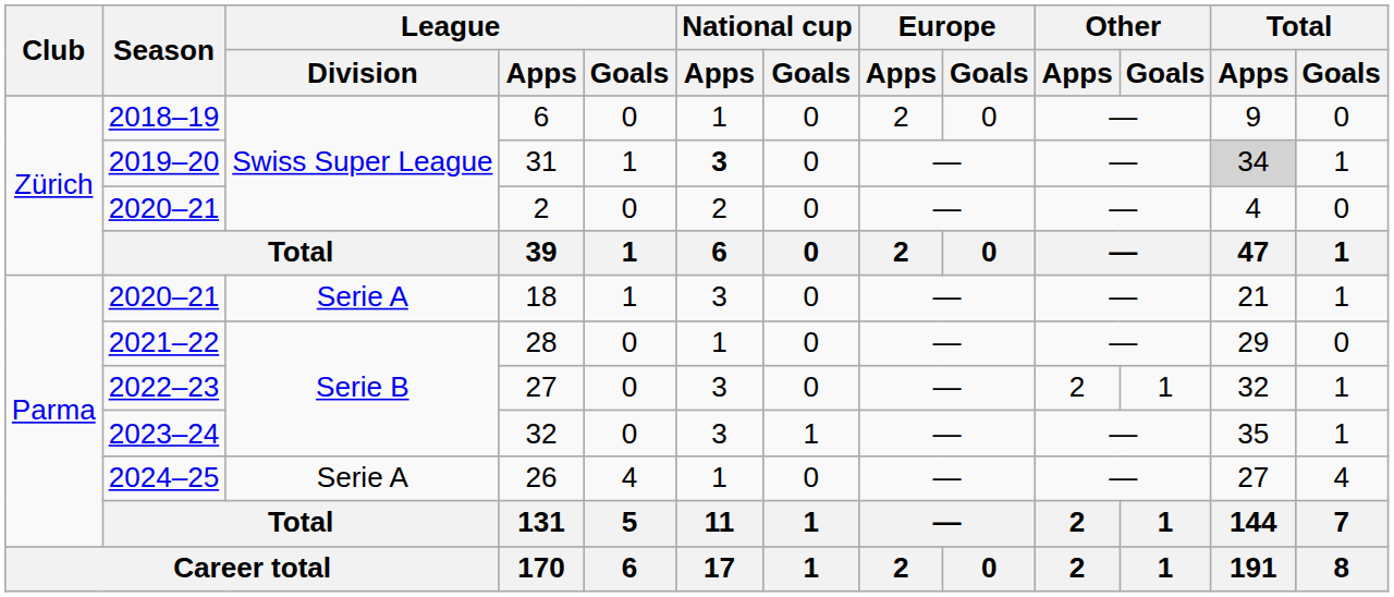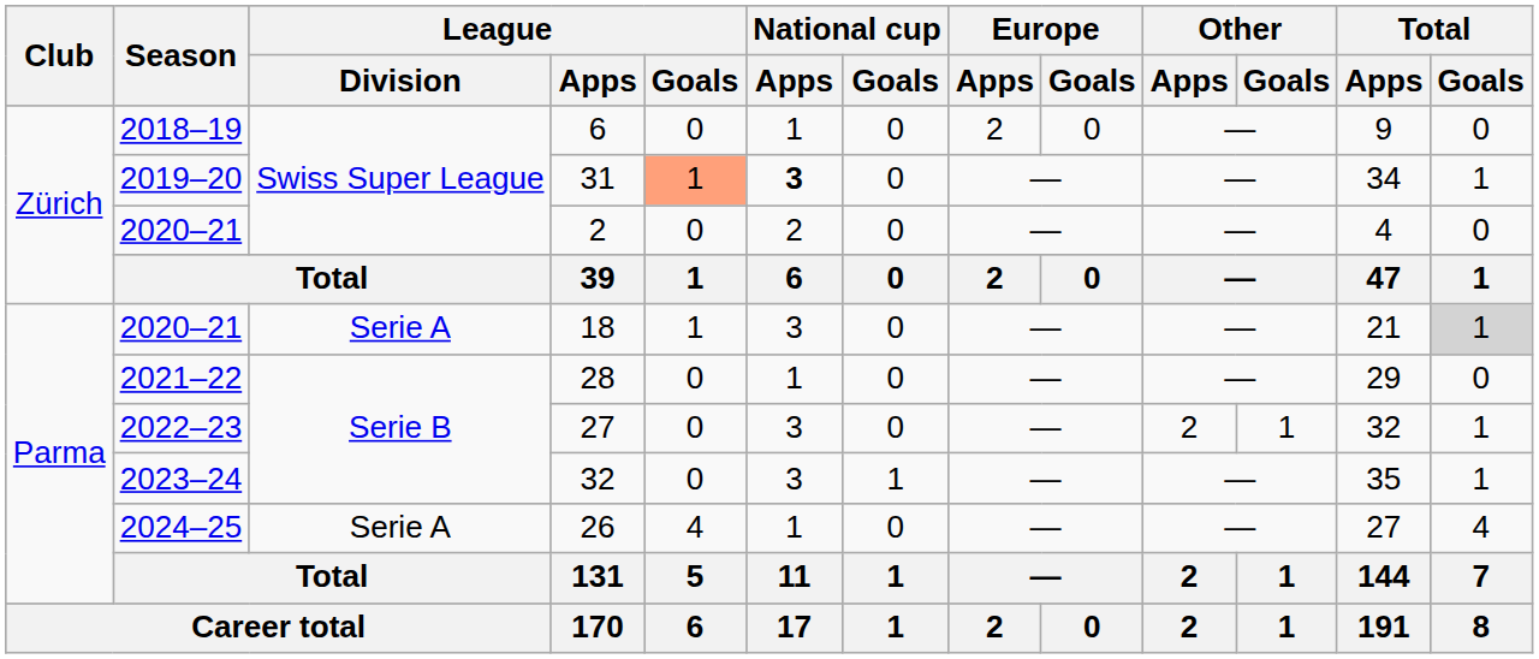 <table class="wikitable" style="text-align: center;">
 <tr>
 <th rowspan="2">Club</th>
 <th rowspan="2">Season</th>
 <th colspan="3">League</th>
 <th colspan="2">National cup</th>
 <th colspan="2">Europe</th>
 <th colspan="2">Other</th>
 <th colspan="2">Total</th>
 </tr>
 <tr>
 <th>Division</th>
 <th>Apps</th>
 <th>Goals</th>
 <th>Apps</th>
 <th>Goals</th>
 <th>Apps</th>
 <th>Goals</th>
 <th>Apps</th>
 <th>Goals</th>
 <th>Apps</th>
 <th>Goals</th>
 </tr>
 <tr>
 <td rowspan="4"><a href='#'>Zürich</a></td>
 <td><a href='#'>2018–19</a></td>
 <td rowspan="3"><a href='#'>Swiss Super League</a></td>
 <td>6</td>
 <td>0</td>
 <td>1</td>
 <td>0</td>
 <td>2</td>
 <td>0</td>
 <td colspan="2">—</td>
 <td>9</td>
 <td>0</td>
 </tr>
 <tr>
 <td><a href='#'>2019–20</a></td>
 <td>31</td>
-<td>1</td>
+<td style="background: lightsalmon;">1</td>
 <td><strong>3</strong></td>
 <td>0</td>
 <td colspan="2">—</td>
 <td colspan="2">—</td>
-<td style="background: lightgrey;">34</td>
+<td>34</td>
 <td>1</td>
 </tr>
 <tr>
 <td><a href='#'>2020–21</a></td>
 <td>2</td>
 <td>0</td>
 <td>2</td>
 <td>0</td>
 <td colspan="2">—</td>
 <td colspan="2">—</td>
 <td>4</td>
 <td>0</td>
 </tr>
 <tr>
 <th colspan="2">Total</th>
 <th>39</th>
 <th>1</th>
 <th>6</th>
 <th>0</th>
 <th>2</th>
 <th>0</th>
 <th colspan="2">—</th>
 <th>47</th>
 <th>1</th>
 </tr>
 <tr>
 <td rowspan="6"><a href='#'>Parma</a></td>
 <td><a href='#'>2020–21</a></td>
 <td><a href='#'>Serie A</a></td>
 <td>18</td>
 <td>1</td>
 <td>3</td>
 <td>0</td>
 <td colspan="2">—</td>
 <td colspan="2">—</td>
 <td>21</td>
-<td>1</td>
+<td style="background: lightgrey;">1</td>
 </tr>
 <tr>
 <td><a href='#'>2021–22</a></td>
 <td rowspan="3"><a href='#'>Serie B</a></td>
 <td>28</td>
 <td>0</td>
 <td>1</td>
 <td>0</td>
 <td colspan="2">—</td>
 <td colspan="2">—</td>
 <td>29</td>
 <td>0</td>
 </tr>
 <tr>
 <td><a href='#'>2022–23</a></td>
 <td>27</td>
 <td>0</td>
 <td>3</td>
 <td>0</td>
 <td colspan="2">—</td>
 <td>2</td>
 <td>1</td>
 <td>32</td>
 <td>1</td>
 </tr>
 <tr>
 <td><a href='#'>2023–24</a></td>
 <td>32</td>
 <td>0</td>
 <td>3</td>
 <td>1</td>
 <td colspan="2">—</td>
 <td colspan="2">—</td>
 <td>35</td>
 <td>1</td>
 </tr>
 <tr>
 <td><a href='#'>2024–25</a></td>
 <td>Serie A</td>
 <td>26</td>
 <td>4</td>
 <td>1</td>
 <td>0</td>
 <td colspan="2">—</td>
 <td colspan="2">—</td>
 <td>27</td>
 <td>4</td>
 </tr>
 <tr>
 <th colspan="2">Total</th>
 <th>131</th>
 <th>5</th>
 <th>11</th>
 <th>1</th>
 <th colspan="2">—</th>
 <th>2</th>
 <th>1</th>
 <th>144</th>
 <th>7</th>
 </tr>
 <tr>
 <th colspan="3">Career total</th>
 <th>170</th>
 <th>6</th>
 <th>17</th>
 <th>1</th>
 <th>2</th>
 <th>0</th>
 <th>2</th>
 <th>1</th>
 <th>191</th>
 <th>8</th>
 </tr>
 </table>
